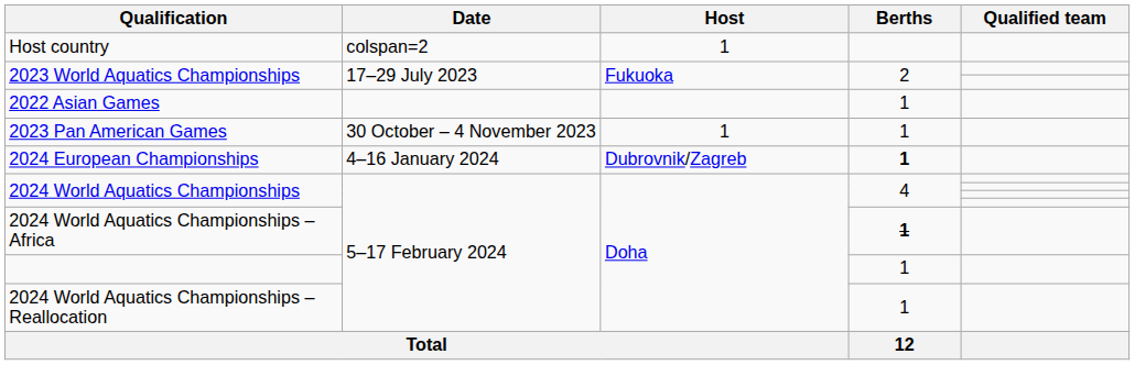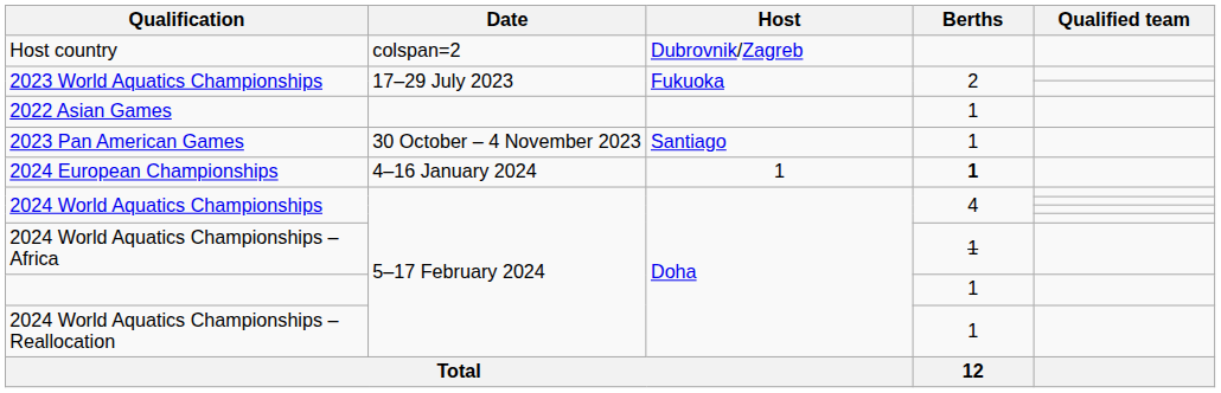 <table class="wikitable" width=80%>
 <tr>
 <th width=30%>Qualification</th>
 <th width=23%>Date</th>
 <th width=22%>Host</th>
 <th width=10%>Berths</th>
 <th width=15%>Qualified team</th>
 </tr>
 <tr>
 <td>Host country</td>
 <td>colspan=2 </td>
-<td align=center>1</td>
+<td> <a href='#'>Dubrovnik</a>/<a href='#'>Zagreb</a></td>
 <td></td>
 </tr>
 <tr>
 <td rowspan=2><a href='#'>2023 World Aquatics Championships</a></td>
 <td rowspan=2>17–29 July 2023</td>
 <td rowspan=2> <a href='#'>Fukuoka</a></td>
 <td rowspan=2 align="center">2</td>
 <td></td>
 </tr>
 <tr>
 <td></td>
 </tr>
 <tr>
 <td><a href='#'>2022 Asian Games</a></td>
 <td></td>
 <td></td>
 <td align=center>1</td>
 <td></td>
 </tr>
 <tr>
 <td><a href='#'>2023 Pan American Games</a></td>
 <td>30 October – 4 November 2023</td>
-<td align=center>1</td>
+<td> <a href='#'>Santiago</a></td>
 <td align=center>1</td>
 <td></td>
 </tr>
 <tr>
 <td><a href='#'>2024 European Championships</a></td>
 <td>4–16 January 2024</td>
-<td> <a href='#'>Dubrovnik</a>/<a href='#'>Zagreb</a></td>
+<td align=center>1</td>
 <td align=center><strong>1</strong></td>
 <td></td>
 </tr>
 <tr>
 <td rowspan=4><a href='#'>2024 World Aquatics Championships</a></td>
 <td rowspan=7>5–17 February 2024</td>
 <td rowspan=7> <a href='#'>Doha</a></td>
 <td rowspan=4 align=center>4</td>
 <td></td>
 </tr>
 <tr>
 <td></td>
 </tr>
 <tr>
 <td></td>
 </tr>
 <tr>
 <td></td>
 </tr>
 <tr>
 <td>2024 World Aquatics Championships – Africa</td>
-<td align=center><strong><s>1</s></strong></td>
+<td align=center><s>1</s></td>
 <td><s></s></td>
 </tr>
 <tr>
 <td></td>
 <td align=center>1</td>
 <td></td>
 </tr>
 <tr>
 <td>2024 World Aquatics Championships – Reallocation</td>
 <td align=center>1</td>
 <td></td>
 </tr>
 <tr>
 <th colspan=3>Total</th>
 <th>12</th>
 <th></th>
 </tr>
 </table>
